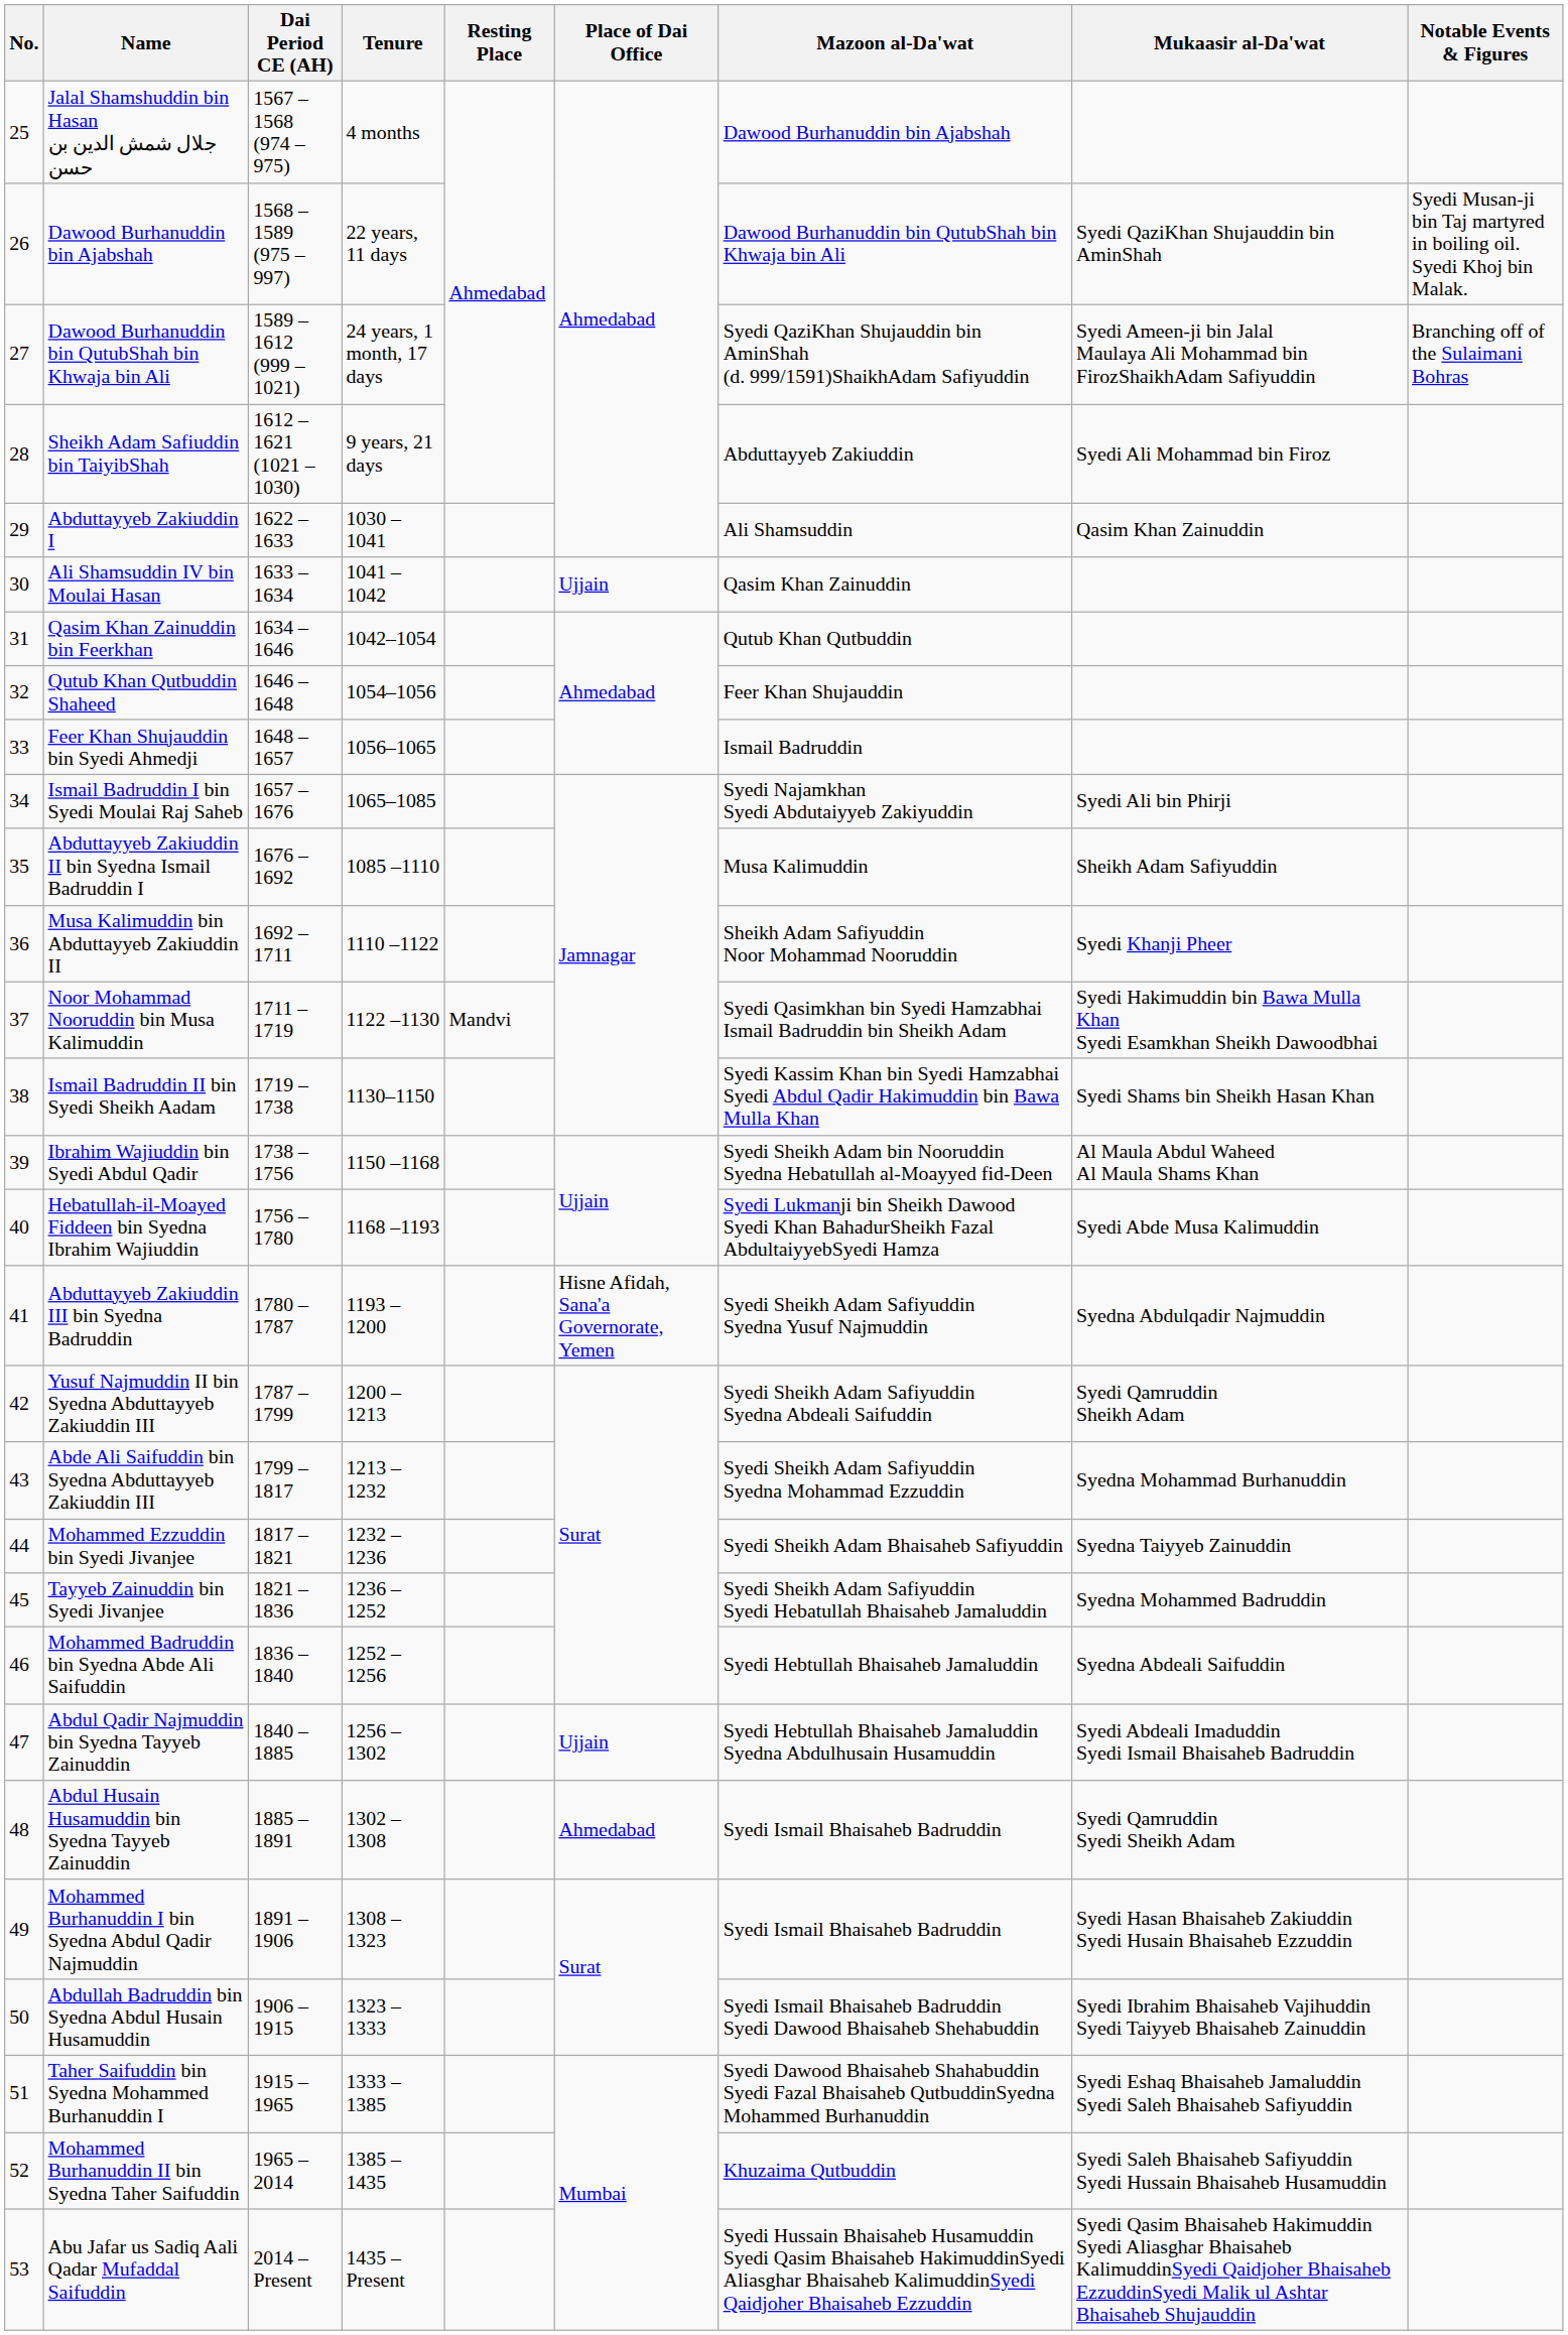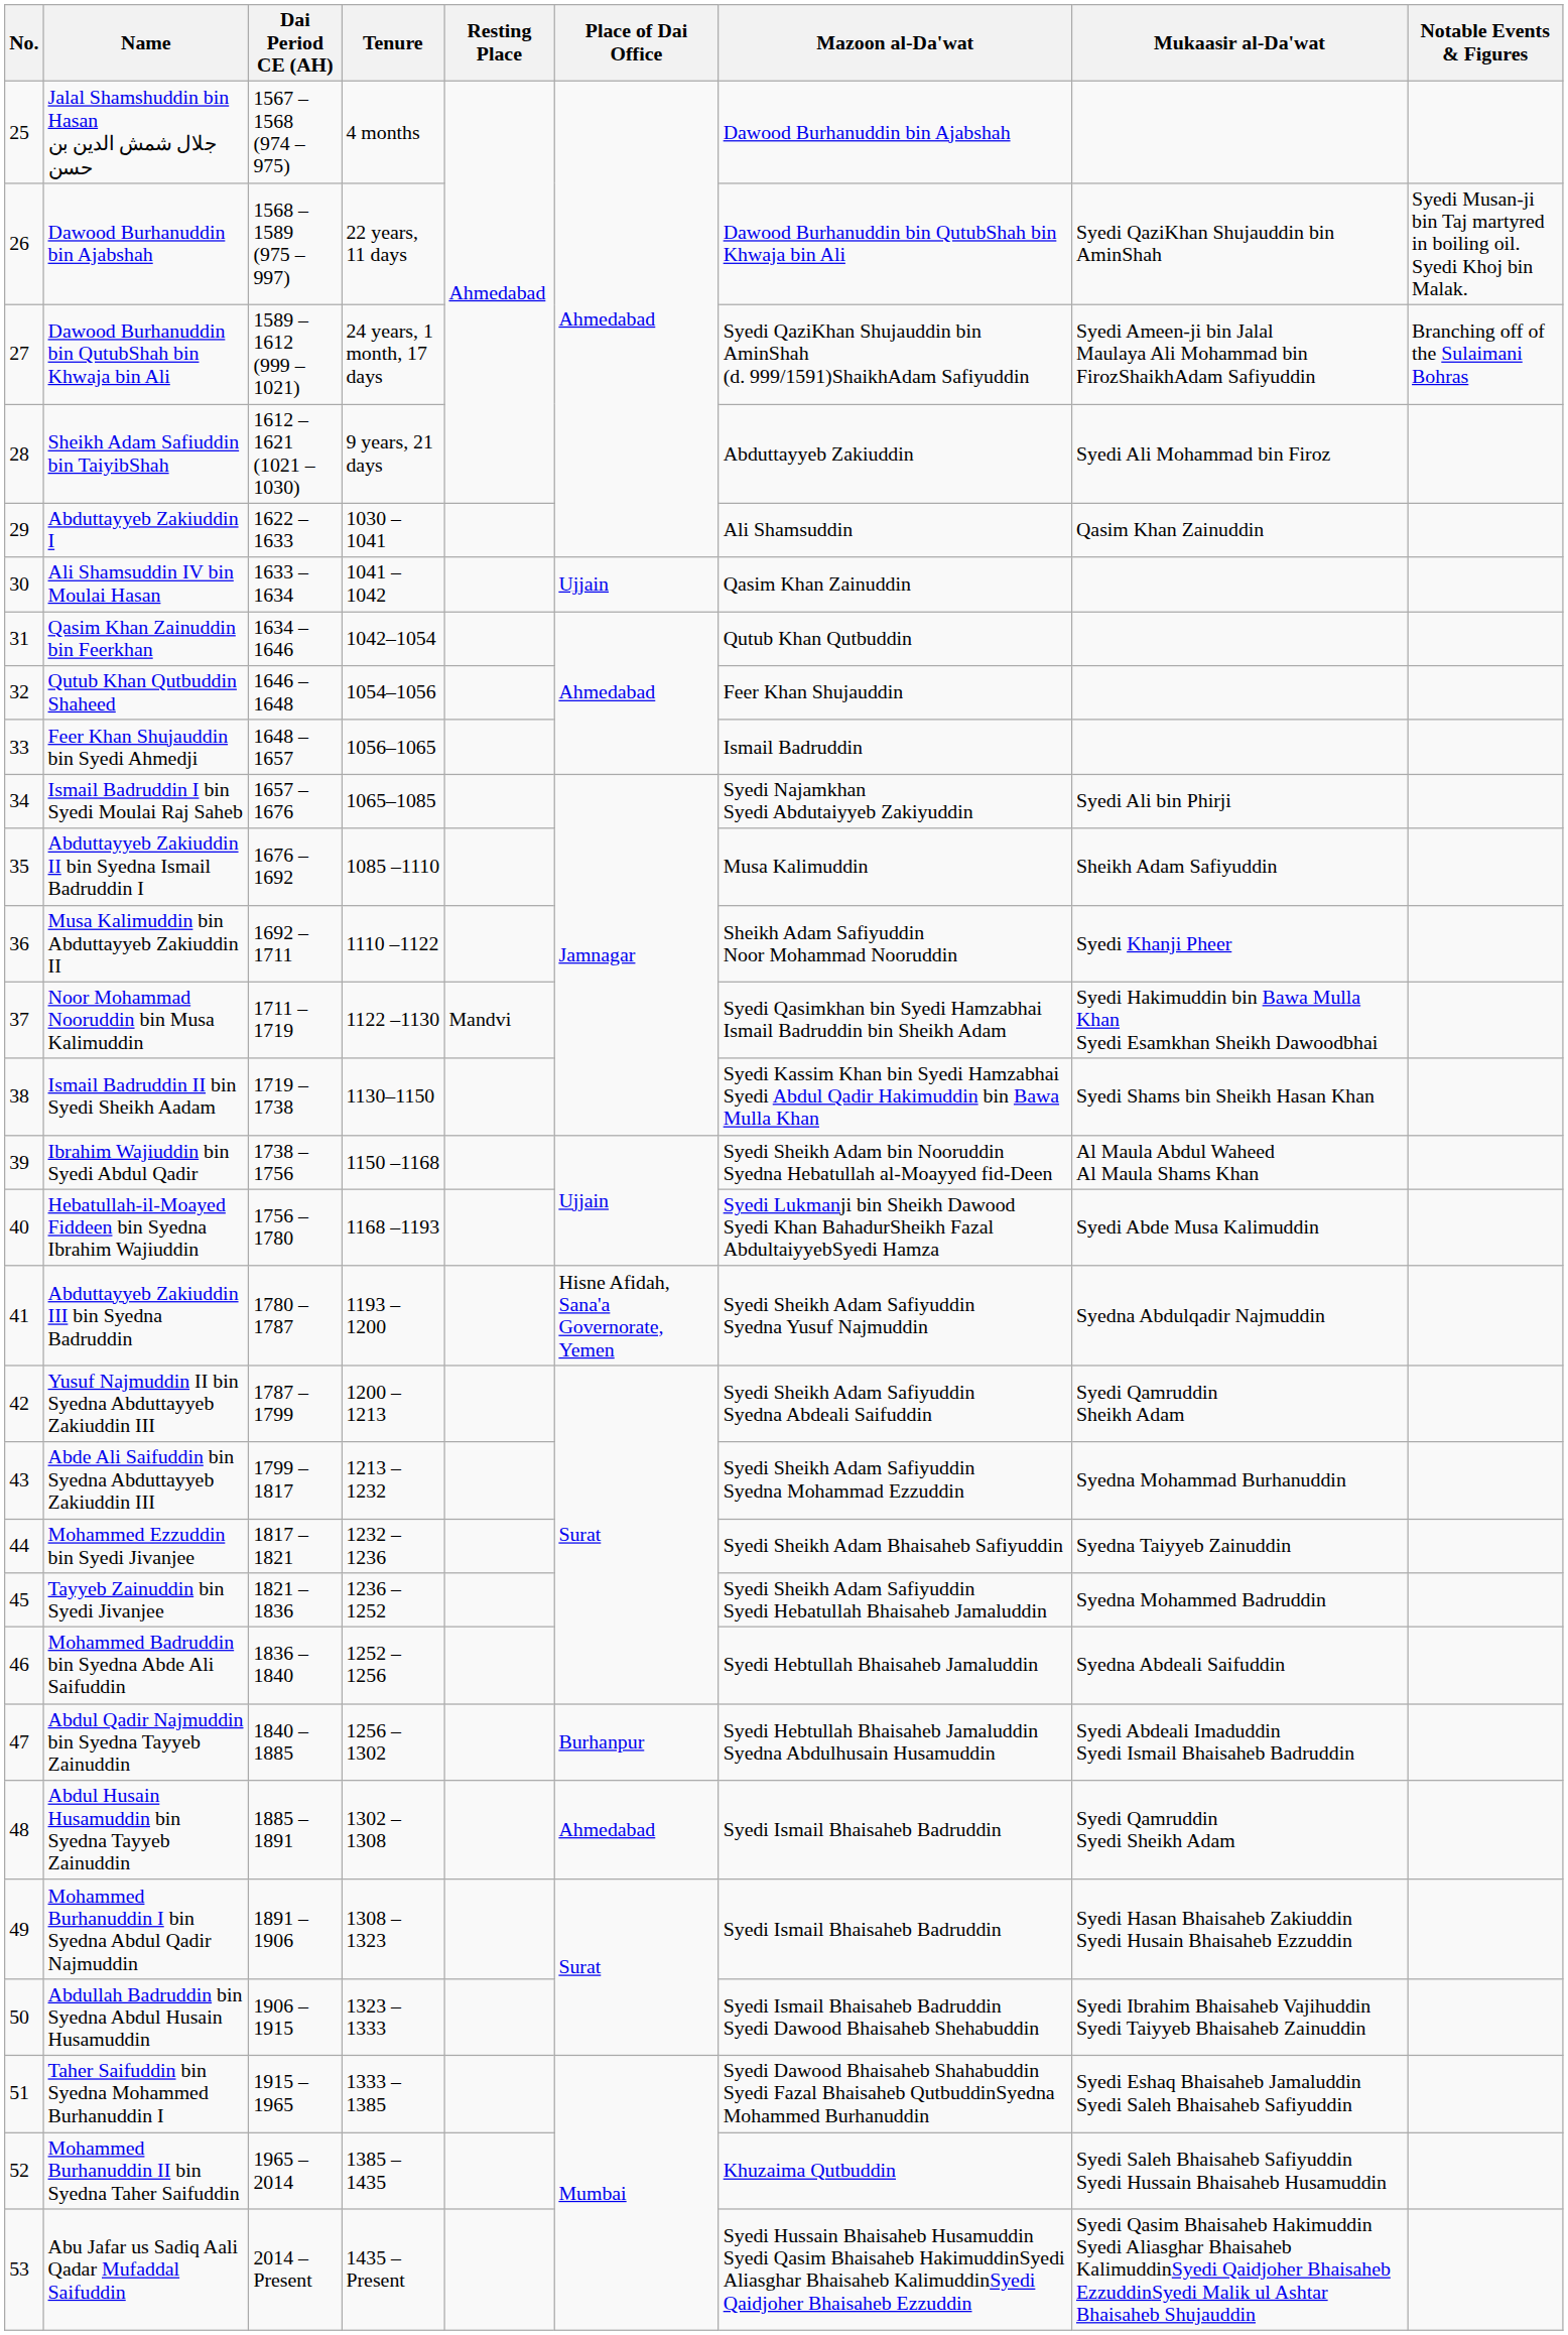 <table class="wikitable">
 <tr>
 <th>No.</th>
 <th>Name</th>
 <th>Dai Period CE (AH)</th>
 <th>Tenure</th>
 <th>Resting Place</th>
 <th>Place of Dai Office</th>
 <th>Mazoon al-Da'wat</th>
 <th>Mukaasir al-Da'wat</th>
 <th>Notable Events & Figures</th>
 </tr>
 <tr>
 <td>25</td>
 <td><a href='#'>Jalal Shamshuddin bin Hasan</a><br>جلال شمش الدين بن حسن</td>
 <td>1567 –1568<br>(974 – 975)</td>
 <td>4 months</td>
 <td rowspan="4"><a href='#'>Ahmedabad</a></td>
 <td rowspan="5"><a href='#'>Ahmedabad</a></td>
 <td><a href='#'>Dawood Burhanuddin bin Ajabshah</a></td>
 <td></td>
 <td></td>
 </tr>
 <tr>
 <td>26</td>
 <td><a href='#'>Dawood Burhanuddin bin Ajabshah</a></td>
 <td>1568 – 1589<br>(975 – 997)</td>
 <td>22 years, 11 days</td>
 <td><a href='#'>Dawood Burhanuddin bin QutubShah bin Khwaja bin Ali</a></td>
 <td>Syedi QaziKhan Shujauddin bin AminShah</td>
 <td>Syedi Musan-ji bin Taj martyred in boiling oil.<br>Syedi Khoj bin Malak.</td>
 </tr>
 <tr>
 <td>27</td>
 <td><a href='#'>Dawood Burhanuddin bin QutubShah bin Khwaja bin Ali</a></td>
 <td>1589 –1612<br>(999 –1021)</td>
 <td>24 years, 1 month, 17 days</td>
 <td>Syedi QaziKhan Shujauddin bin AminShah<br>(d. 999/1591)ShaikhAdam Safiyuddin</td>
 <td>Syedi Ameen-ji bin Jalal<br>Maulaya Ali Mohammad bin FirozShaikhAdam Safiyuddin</td>
 <td>Branching off of the <a href='#'>Sulaimani Bohras</a></td>
 </tr>
 <tr>
 <td>28</td>
 <td><a href='#'>Sheikh Adam Safiuddin bin TaiyibShah</a></td>
 <td>1612 –1621<br>(1021 –1030)</td>
 <td>9 years, 21 days</td>
 <td>Abduttayyeb Zakiuddin</td>
 <td>Syedi Ali Mohammad bin Firoz</td>
 <td></td>
 </tr>
 <tr>
 <td>29</td>
 <td><a href='#'>Abduttayyeb Zakiuddin I</a></td>
 <td>1622 –1633</td>
 <td>1030 –1041</td>
 <td></td>
 <td>Ali Shamsuddin</td>
 <td>Qasim Khan Zainuddin</td>
 <td></td>
 </tr>
 <tr>
 <td>30</td>
 <td><a href='#'>Ali Shamsuddin IV bin Moulai Hasan</a></td>
 <td>1633 –1634</td>
 <td>1041 –1042</td>
 <td></td>
 <td><a href='#'>Ujjain</a></td>
 <td>Qasim Khan Zainuddin</td>
 <td></td>
 <td></td>
 </tr>
 <tr>
 <td>31</td>
 <td><a href='#'>Qasim Khan Zainuddin bin Feerkhan</a></td>
 <td>1634 –1646</td>
 <td>1042–1054</td>
 <td></td>
 <td rowspan="3"><a href='#'>Ahmedabad</a></td>
 <td>Qutub Khan Qutbuddin</td>
 <td></td>
 <td></td>
 </tr>
 <tr>
 <td>32</td>
 <td><a href='#'>Qutub Khan Qutbuddin Shaheed</a></td>
 <td>1646 –1648</td>
 <td>1054–1056</td>
 <td></td>
 <td>Feer Khan Shujauddin</td>
 <td></td>
 <td></td>
 </tr>
 <tr>
 <td>33</td>
 <td><a href='#'>Feer Khan Shujauddin</a> bin Syedi Ahmedji</td>
 <td>1648 –1657</td>
 <td>1056–1065</td>
 <td></td>
 <td>Ismail Badruddin</td>
 <td></td>
 <td></td>
 </tr>
 <tr>
 <td>34</td>
 <td><a href='#'>Ismail Badruddin I</a> bin Syedi Moulai Raj Saheb</td>
 <td>1657 –1676</td>
 <td>1065–1085</td>
 <td></td>
 <td rowspan="5"><a href='#'>Jamnagar</a></td>
 <td>Syedi Najamkhan<br>Syedi Abdutaiyyeb Zakiyuddin</td>
 <td>Syedi Ali bin Phirji</td>
 <td></td>
 </tr>
 <tr>
 <td>35</td>
 <td><a href='#'>Abduttayyeb Zakiuddin II</a> bin Syedna Ismail Badruddin I</td>
 <td>1676 –1692</td>
 <td>1085 –1110</td>
 <td></td>
 <td>Musa Kalimuddin</td>
 <td>Sheikh Adam Safiyuddin</td>
 <td></td>
 </tr>
 <tr>
 <td>36</td>
 <td><a href='#'>Musa Kalimuddin</a> bin Abduttayyeb Zakiuddin II</td>
 <td>1692 –1711</td>
 <td>1110 –1122</td>
 <td></td>
 <td>Sheikh Adam Safiyuddin<br>Noor Mohammad Nooruddin</td>
 <td>Syedi <a href='#'>Khanji Pheer</a></td>
 <td></td>
 </tr>
 <tr>
 <td>37</td>
 <td><a href='#'>Noor Mohammad Nooruddin</a> bin Musa Kalimuddin</td>
 <td>1711 –1719</td>
 <td>1122 –1130</td>
 <td>Mandvi</td>
 <td>Syedi Qasimkhan bin Syedi Hamzabhai<br>Ismail Badruddin bin Sheikh Adam</td>
 <td>Syedi Hakimuddin bin <a href='#'>Bawa Mulla Khan</a><br>Syedi Esamkhan Sheikh Dawoodbhai</td>
 <td></td>
 </tr>
 <tr>
 <td>38</td>
 <td><a href='#'>Ismail Badruddin II</a> bin Syedi Sheikh Aadam</td>
 <td>1719 –1738</td>
 <td>1130–1150</td>
 <td></td>
 <td>Syedi Kassim Khan bin Syedi Hamzabhai<br>Syedi <a href='#'>Abdul Qadir Hakimuddin</a> bin <a href='#'>Bawa Mulla Khan</a></td>
 <td>Syedi Shams bin Sheikh Hasan Khan</td>
 <td></td>
 </tr>
 <tr>
 <td>39</td>
 <td><a href='#'>Ibrahim Wajiuddin</a> bin Syedi Abdul Qadir</td>
 <td>1738 –1756</td>
 <td>1150 –1168</td>
 <td></td>
 <td rowspan="2"><a href='#'>Ujjain</a></td>
 <td>Syedi Sheikh Adam bin Nooruddin<br>Syedna Hebatullah al-Moayyed fid-Deen</td>
 <td>Al Maula Abdul Waheed<br>Al Maula Shams Khan</td>
 <td></td>
 </tr>
 <tr>
 <td>40</td>
 <td><a href='#'>Hebatullah-il-Moayed Fiddeen</a> bin Syedna Ibrahim Wajiuddin</td>
 <td>1756 –1780</td>
 <td>1168 –1193</td>
 <td></td>
 <td><a href='#'>Syedi Lukman</a>ji bin Sheikh Dawood<br>Syedi Khan BahadurSheikh Fazal AbdultaiyyebSyedi Hamza</td>
 <td>Syedi Abde Musa Kalimuddin</td>
 <td></td>
 </tr>
 <tr>
 <td>41</td>
 <td><a href='#'>Abduttayyeb Zakiuddin III</a> bin Syedna Badruddin</td>
 <td>1780 –1787</td>
 <td>1193 –1200</td>
 <td></td>
 <td>Hisne Afidah, <a href='#'>Sana'a Governorate, Yemen</a></td>
 <td>Syedi Sheikh Adam Safiyuddin<br>Syedna Yusuf Najmuddin</td>
 <td>Syedna Abdulqadir Najmuddin</td>
 <td></td>
 </tr>
 <tr>
 <td>42</td>
 <td><a href='#'>Yusuf Najmuddin</a> II bin Syedna Abduttayyeb Zakiuddin III</td>
 <td>1787 –1799</td>
 <td>1200 –1213</td>
 <td></td>
 <td rowspan="5"><a href='#'>Surat</a></td>
 <td>Syedi Sheikh Adam Safiyuddin<br>Syedna Abdeali Saifuddin</td>
 <td>Syedi Qamruddin<br>Sheikh Adam</td>
 <td></td>
 </tr>
 <tr>
 <td>43</td>
 <td><a href='#'>Abde Ali Saifuddin</a> bin Syedna Abduttayyeb Zakiuddin III</td>
 <td>1799 –1817</td>
 <td>1213 –1232</td>
 <td></td>
 <td>Syedi Sheikh Adam Safiyuddin<br>Syedna Mohammad Ezzuddin</td>
 <td>Syedna Mohammad Burhanuddin</td>
 <td></td>
 </tr>
 <tr>
 <td>44</td>
 <td><a href='#'>Mohammed Ezzuddin</a> bin Syedi Jivanjee</td>
 <td>1817 –1821</td>
 <td>1232 –1236</td>
 <td></td>
 <td>Syedi Sheikh Adam Bhaisaheb Safiyuddin</td>
 <td>Syedna Taiyyeb Zainuddin</td>
 <td></td>
 </tr>
 <tr>
 <td>45</td>
 <td><a href='#'>Tayyeb Zainuddin</a> bin Syedi Jivanjee</td>
 <td>1821 –1836</td>
 <td>1236 –1252</td>
 <td></td>
 <td>Syedi Sheikh Adam Safiyuddin<br>Syedi Hebatullah Bhaisaheb  Jamaluddin</td>
 <td>Syedna Mohammed Badruddin</td>
 <td></td>
 </tr>
 <tr>
 <td>46</td>
 <td><a href='#'>Mohammed Badruddin</a> bin Syedna Abde Ali Saifuddin</td>
 <td>1836 –1840</td>
 <td>1252 –1256</td>
 <td></td>
 <td>Syedi Hebtullah Bhaisaheb Jamaluddin</td>
 <td>Syedna Abdeali Saifuddin</td>
 <td></td>
 </tr>
 <tr>
 <td>47</td>
 <td><a href='#'>Abdul Qadir Najmuddin</a> bin Syedna Tayyeb Zainuddin</td>
 <td>1840 –1885</td>
 <td>1256 –1302</td>
 <td></td>
-<td><a href='#'>Ujjain</a></td>
+<td><a href='#'>Burhanpur</a></td>
 <td>Syedi Hebtullah Bhaisaheb Jamaluddin<br>Syedna Abdulhusain Husamuddin</td>
 <td>Syedi Abdeali Imaduddin<br>Syedi Ismail Bhaisaheb Badruddin</td>
 <td></td>
 </tr>
 <tr>
 <td>48</td>
 <td><a href='#'>Abdul Husain Husamuddin</a> bin Syedna Tayyeb Zainuddin</td>
 <td>1885 –1891</td>
 <td>1302 –1308</td>
 <td></td>
 <td><a href='#'>Ahmedabad</a></td>
 <td>Syedi Ismail Bhaisaheb  Badruddin</td>
 <td>Syedi Qamruddin<br>Syedi Sheikh Adam</td>
 <td></td>
 </tr>
 <tr>
 <td>49</td>
 <td><a href='#'>Mohammed Burhanuddin I</a> bin Syedna Abdul Qadir Najmuddin</td>
 <td>1891 –1906</td>
 <td>1308 –1323</td>
 <td></td>
 <td rowspan="2"><a href='#'>Surat</a></td>
 <td>Syedi Ismail Bhaisaheb  Badruddin</td>
 <td>Syedi Hasan Bhaisaheb Zakiuddin<br>Syedi Husain Bhaisaheb Ezzuddin</td>
 <td></td>
 </tr>
 <tr>
 <td>50</td>
 <td><a href='#'>Abdullah Badruddin</a> bin Syedna Abdul Husain Husamuddin</td>
 <td>1906 –1915</td>
 <td>1323 –1333</td>
 <td></td>
 <td>Syedi Ismail Bhaisaheb  Badruddin<br>Syedi Dawood Bhaisaheb  Shehabuddin</td>
 <td>Syedi Ibrahim Bhaisaheb  Vajihuddin<br>Syedi Taiyyeb Bhaisaheb  Zainuddin</td>
 <td></td>
 </tr>
 <tr>
 <td>51</td>
 <td><a href='#'>Taher Saifuddin</a> bin Syedna Mohammed Burhanuddin I</td>
 <td>1915 –1965</td>
 <td>1333 –1385</td>
 <td></td>
 <td rowspan="3"><a href='#'>Mumbai</a></td>
 <td>Syedi Dawood Bhaisaheb  Shahabuddin<br>Syedi Fazal Bhaisaheb  QutbuddinSyedna Mohammed Burhanuddin</td>
 <td>Syedi Eshaq Bhaisaheb  Jamaluddin<br>Syedi Saleh Bhaisaheb  Safiyuddin</td>
 <td></td>
 </tr>
 <tr>
 <td>52</td>
 <td><a href='#'>Mohammed Burhanuddin II</a> bin Syedna Taher Saifuddin</td>
 <td>1965 –2014</td>
 <td>1385 –1435</td>
 <td></td>
 <td><a href='#'>Khuzaima Qutbuddin</a></td>
 <td>Syedi Saleh Bhaisaheb  Safiyuddin<br>Syedi Hussain Bhaisaheb Husamuddin</td>
 <td></td>
 </tr>
 <tr>
 <td>53</td>
 <td>Abu Jafar us Sadiq Aali Qadar <a href='#'>Mufaddal Saifuddin</a></td>
 <td>2014 – Present</td>
 <td>1435 – Present</td>
 <td></td>
 <td>Syedi Hussain Bhaisaheb Husamuddin<br>Syedi Qasim Bhaisaheb HakimuddinSyedi Aliasghar Bhaisaheb Kalimuddin<a href='#'>Syedi Qaidjoher Bhaisaheb Ezzuddin</a></td>
 <td>Syedi Qasim Bhaisaheb Hakimuddin<br>Syedi Aliasghar Bhaisaheb Kalimuddin<a href='#'>Syedi Qaidjoher Bhaisaheb Ezzuddin</a><a href='#'>Syedi Malik ul Ashtar Bhaisaheb Shujauddin</a></td>
 <td></td>
 </tr>
 </table>
